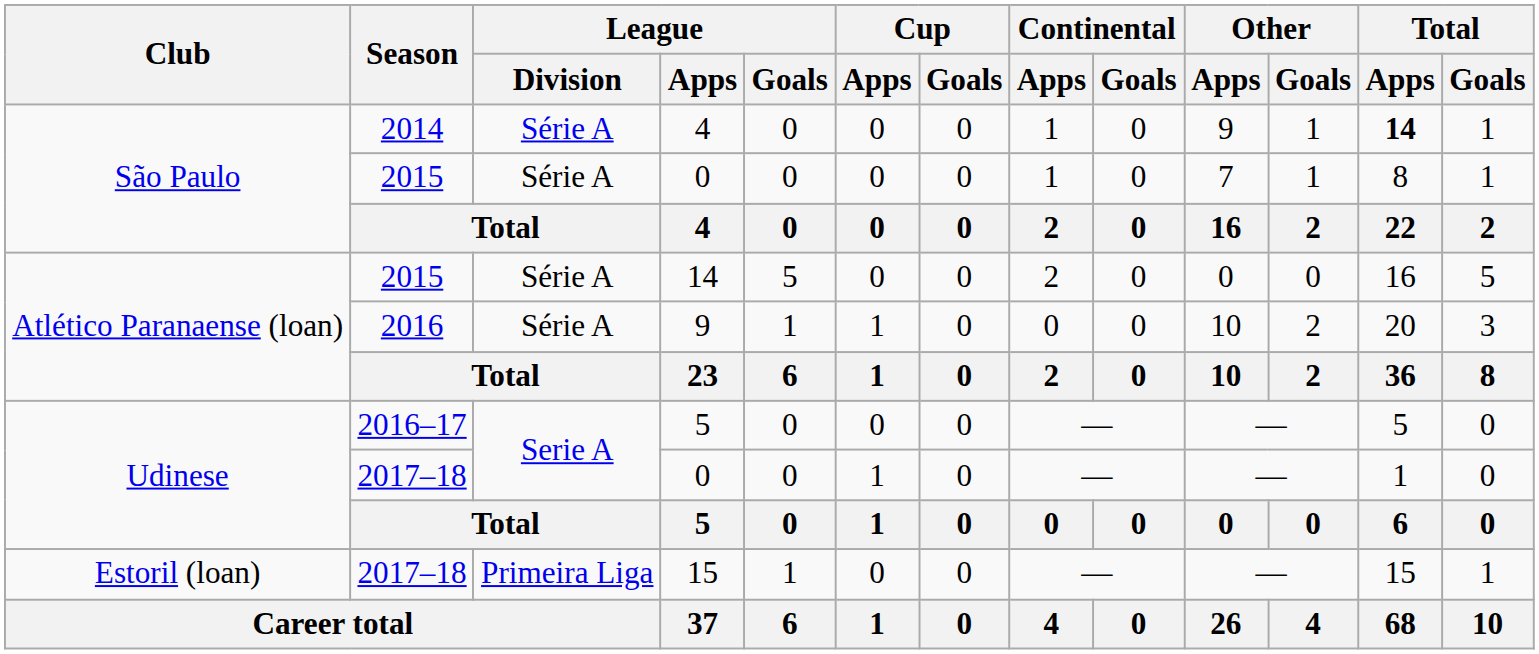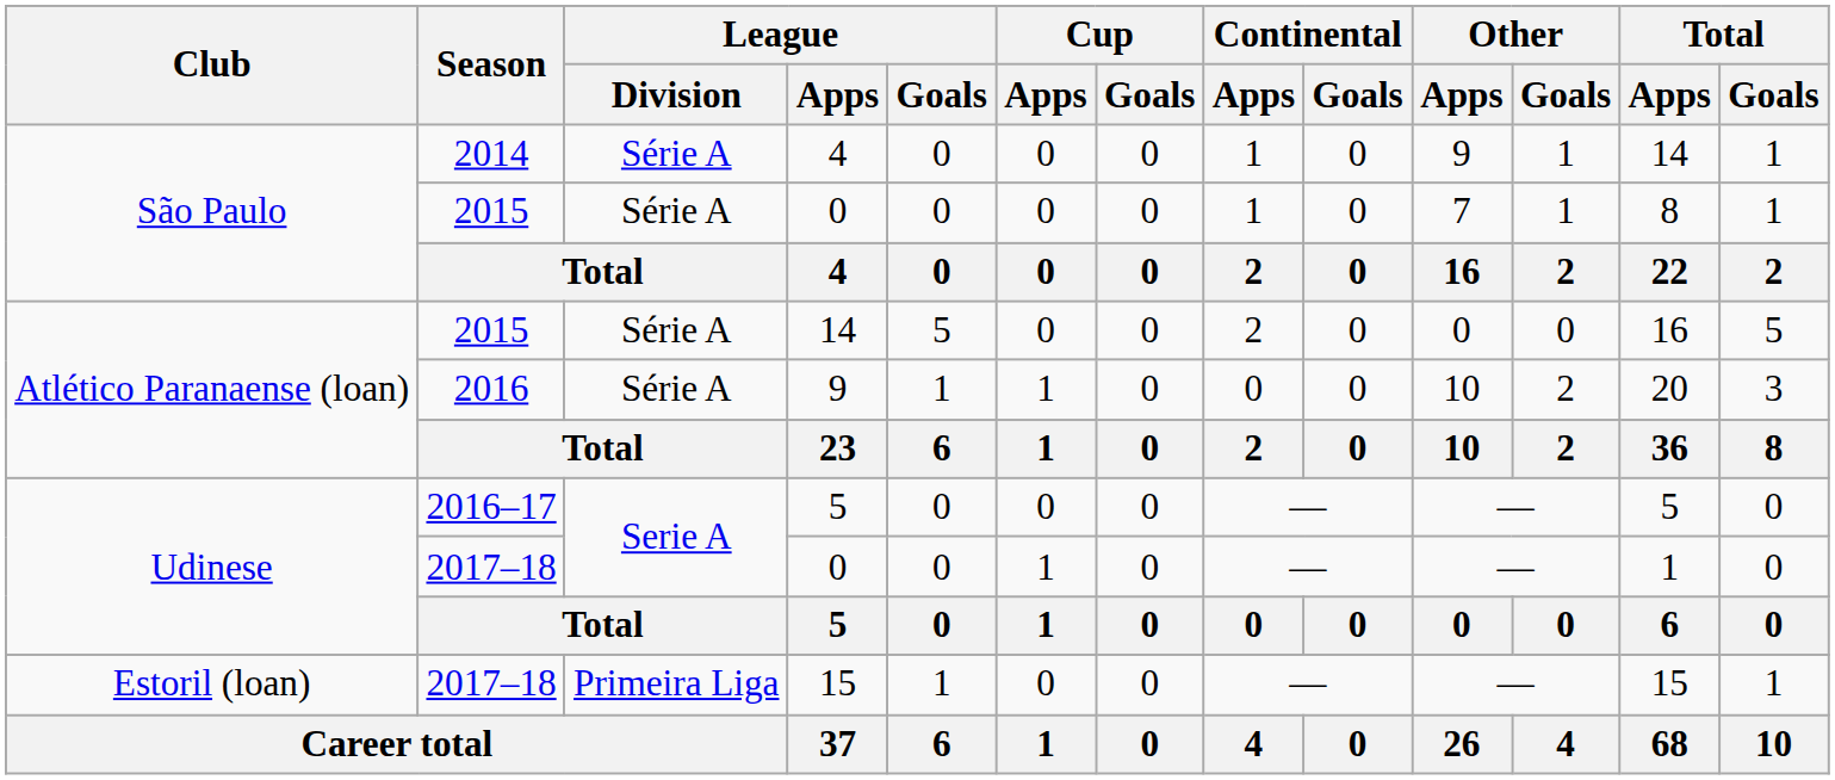 <table class="wikitable" style="text-align: center;">
 <tr>
 <th rowspan="2">Club</th>
 <th rowspan="2">Season</th>
 <th colspan="3">League</th>
 <th colspan="2">Cup</th>
 <th colspan="2">Continental</th>
 <th colspan="2">Other</th>
 <th colspan="2">Total</th>
 </tr>
 <tr>
 <th>Division</th>
 <th>Apps</th>
 <th>Goals</th>
 <th>Apps</th>
 <th>Goals</th>
 <th>Apps</th>
 <th>Goals</th>
 <th>Apps</th>
 <th>Goals</th>
 <th>Apps</th>
 <th>Goals</th>
 </tr>
 <tr>
 <td rowspan="3" valign="center"><a href='#'>São Paulo</a></td>
 <td><a href='#'>2014</a></td>
 <td><a href='#'>Série A</a></td>
 <td>4</td>
 <td>0</td>
 <td>0</td>
 <td>0</td>
 <td>1</td>
 <td>0</td>
 <td>9</td>
 <td>1</td>
-<td><strong>14</strong></td>
+<td>14</td>
 <td>1</td>
 </tr>
 <tr>
 <td><a href='#'>2015</a></td>
 <td>Série A</td>
 <td>0</td>
 <td>0</td>
 <td>0</td>
 <td>0</td>
 <td>1</td>
 <td>0</td>
 <td>7</td>
 <td>1</td>
 <td>8</td>
 <td>1</td>
 </tr>
 <tr>
 <th colspan="2">Total</th>
 <th>4</th>
 <th>0</th>
 <th>0</th>
 <th>0</th>
 <th>2</th>
 <th>0</th>
 <th>16</th>
 <th>2</th>
 <th>22</th>
 <th>2</th>
 </tr>
 <tr>
 <td rowspan="3" valign="center"><a href='#'>Atlético Paranaense</a> (loan)</td>
 <td><a href='#'>2015</a></td>
 <td>Série A</td>
 <td>14</td>
 <td>5</td>
 <td>0</td>
 <td>0</td>
 <td>2</td>
 <td>0</td>
 <td>0</td>
 <td>0</td>
 <td>16</td>
 <td>5</td>
 </tr>
 <tr>
 <td><a href='#'>2016</a></td>
 <td>Série A</td>
 <td>9</td>
 <td>1</td>
 <td>1</td>
 <td>0</td>
 <td>0</td>
 <td>0</td>
 <td>10</td>
 <td>2</td>
 <td>20</td>
 <td>3</td>
 </tr>
 <tr>
 <th colspan="2">Total</th>
 <th>23</th>
 <th>6</th>
 <th>1</th>
 <th>0</th>
 <th>2</th>
 <th>0</th>
 <th>10</th>
 <th>2</th>
 <th>36</th>
 <th>8</th>
 </tr>
 <tr>
 <td rowspan="3" valign="center"><a href='#'>Udinese</a></td>
 <td><a href='#'>2016–17</a></td>
 <td rowspan="2"><a href='#'>Serie A</a></td>
 <td>5</td>
 <td>0</td>
 <td>0</td>
 <td>0</td>
 <td colspan="2">—</td>
 <td colspan="2">—</td>
 <td>5</td>
 <td>0</td>
 </tr>
 <tr>
 <td><a href='#'>2017–18</a></td>
 <td>0</td>
 <td>0</td>
 <td>1</td>
 <td>0</td>
 <td colspan="2">—</td>
 <td colspan="2">—</td>
 <td>1</td>
 <td>0</td>
 </tr>
 <tr>
 <th colspan="2">Total</th>
 <th>5</th>
 <th>0</th>
 <th>1</th>
 <th>0</th>
 <th>0</th>
 <th>0</th>
 <th>0</th>
 <th>0</th>
 <th>6</th>
 <th>0</th>
 </tr>
 <tr>
 <td><a href='#'>Estoril</a> (loan)</td>
 <td><a href='#'>2017–18</a></td>
 <td><a href='#'>Primeira Liga</a></td>
 <td>15</td>
 <td>1</td>
 <td>0</td>
 <td>0</td>
 <td colspan="2">—</td>
 <td colspan="2">—</td>
 <td>15</td>
 <td>1</td>
 </tr>
 <tr>
 <th colspan="3">Career total</th>
 <th>37</th>
 <th>6</th>
 <th>1</th>
 <th>0</th>
 <th>4</th>
 <th>0</th>
 <th>26</th>
 <th>4</th>
 <th>68</th>
 <th>10</th>
 </tr>
 </table>
